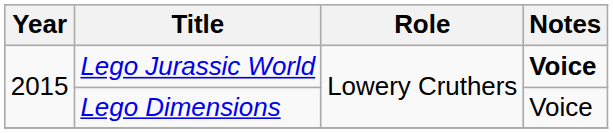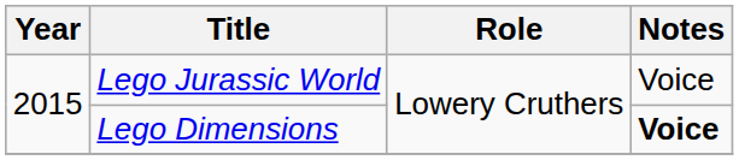 <table class="wikitable sortable plainrowheaders">
 <tr>
 <th scope="col">Year</th>
 <th scope="col">Title</th>
 <th scope="col">Role</th>
 <th scope="col" class="unsortable">Notes</th>
 </tr>
 <tr>
 <td rowspan="2">2015</td>
 <td><em><a href='#'>Lego Jurassic World</a></em></td>
 <td rowspan="2">Lowery Cruthers</td>
-<td><strong>Voice</strong></td>
+<td>Voice</td>
 </tr>
 <tr>
 <td><em><a href='#'>Lego Dimensions</a></em></td>
-<td>Voice</td>
+<td><strong>Voice</strong></td>
 </tr>
 <tr>
 </tr>
 </table>
